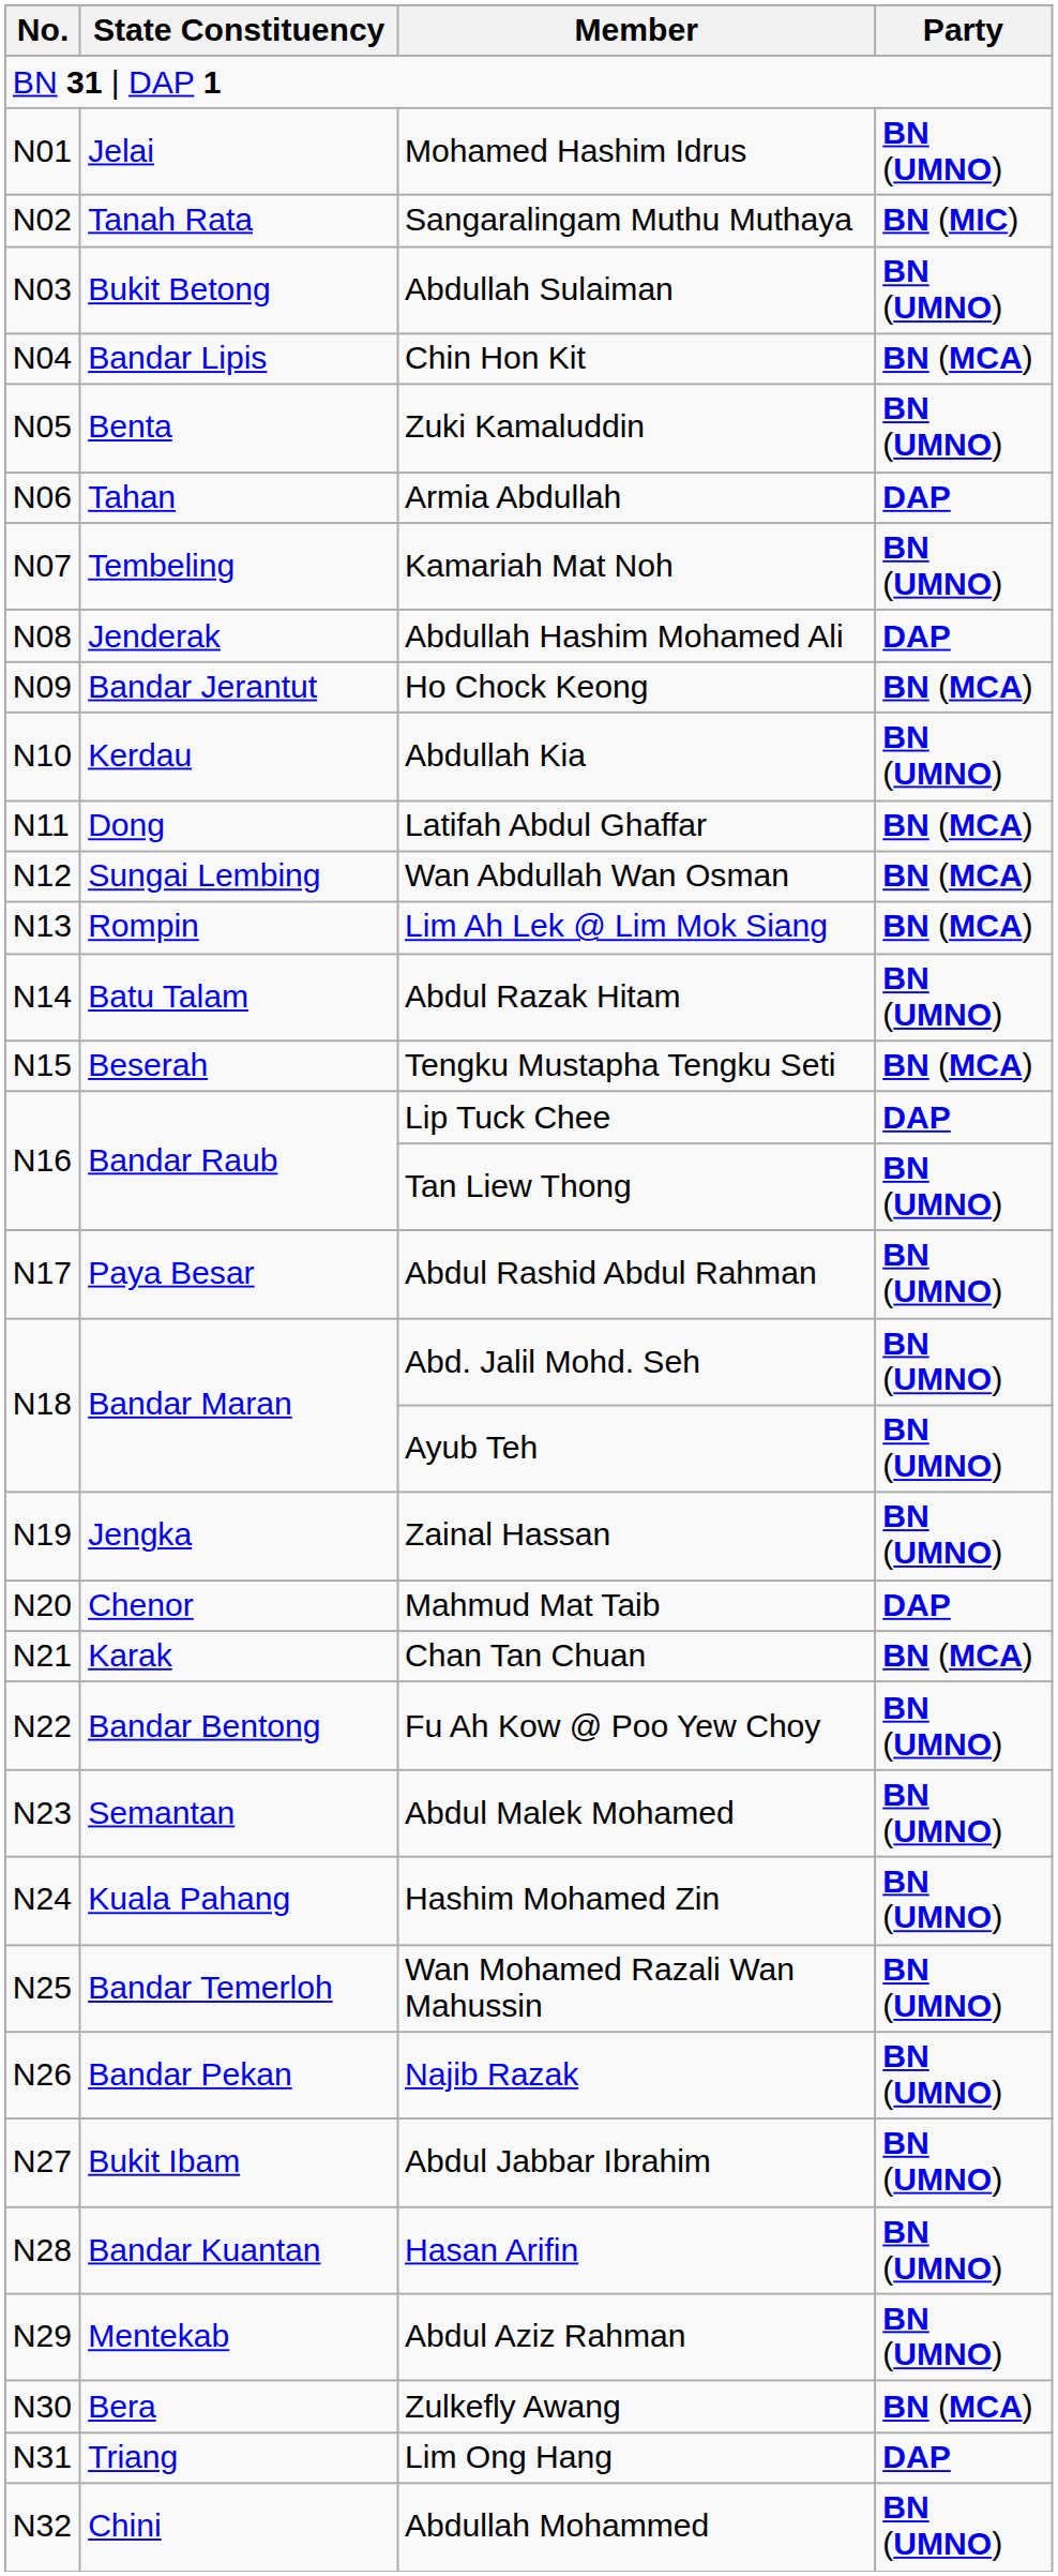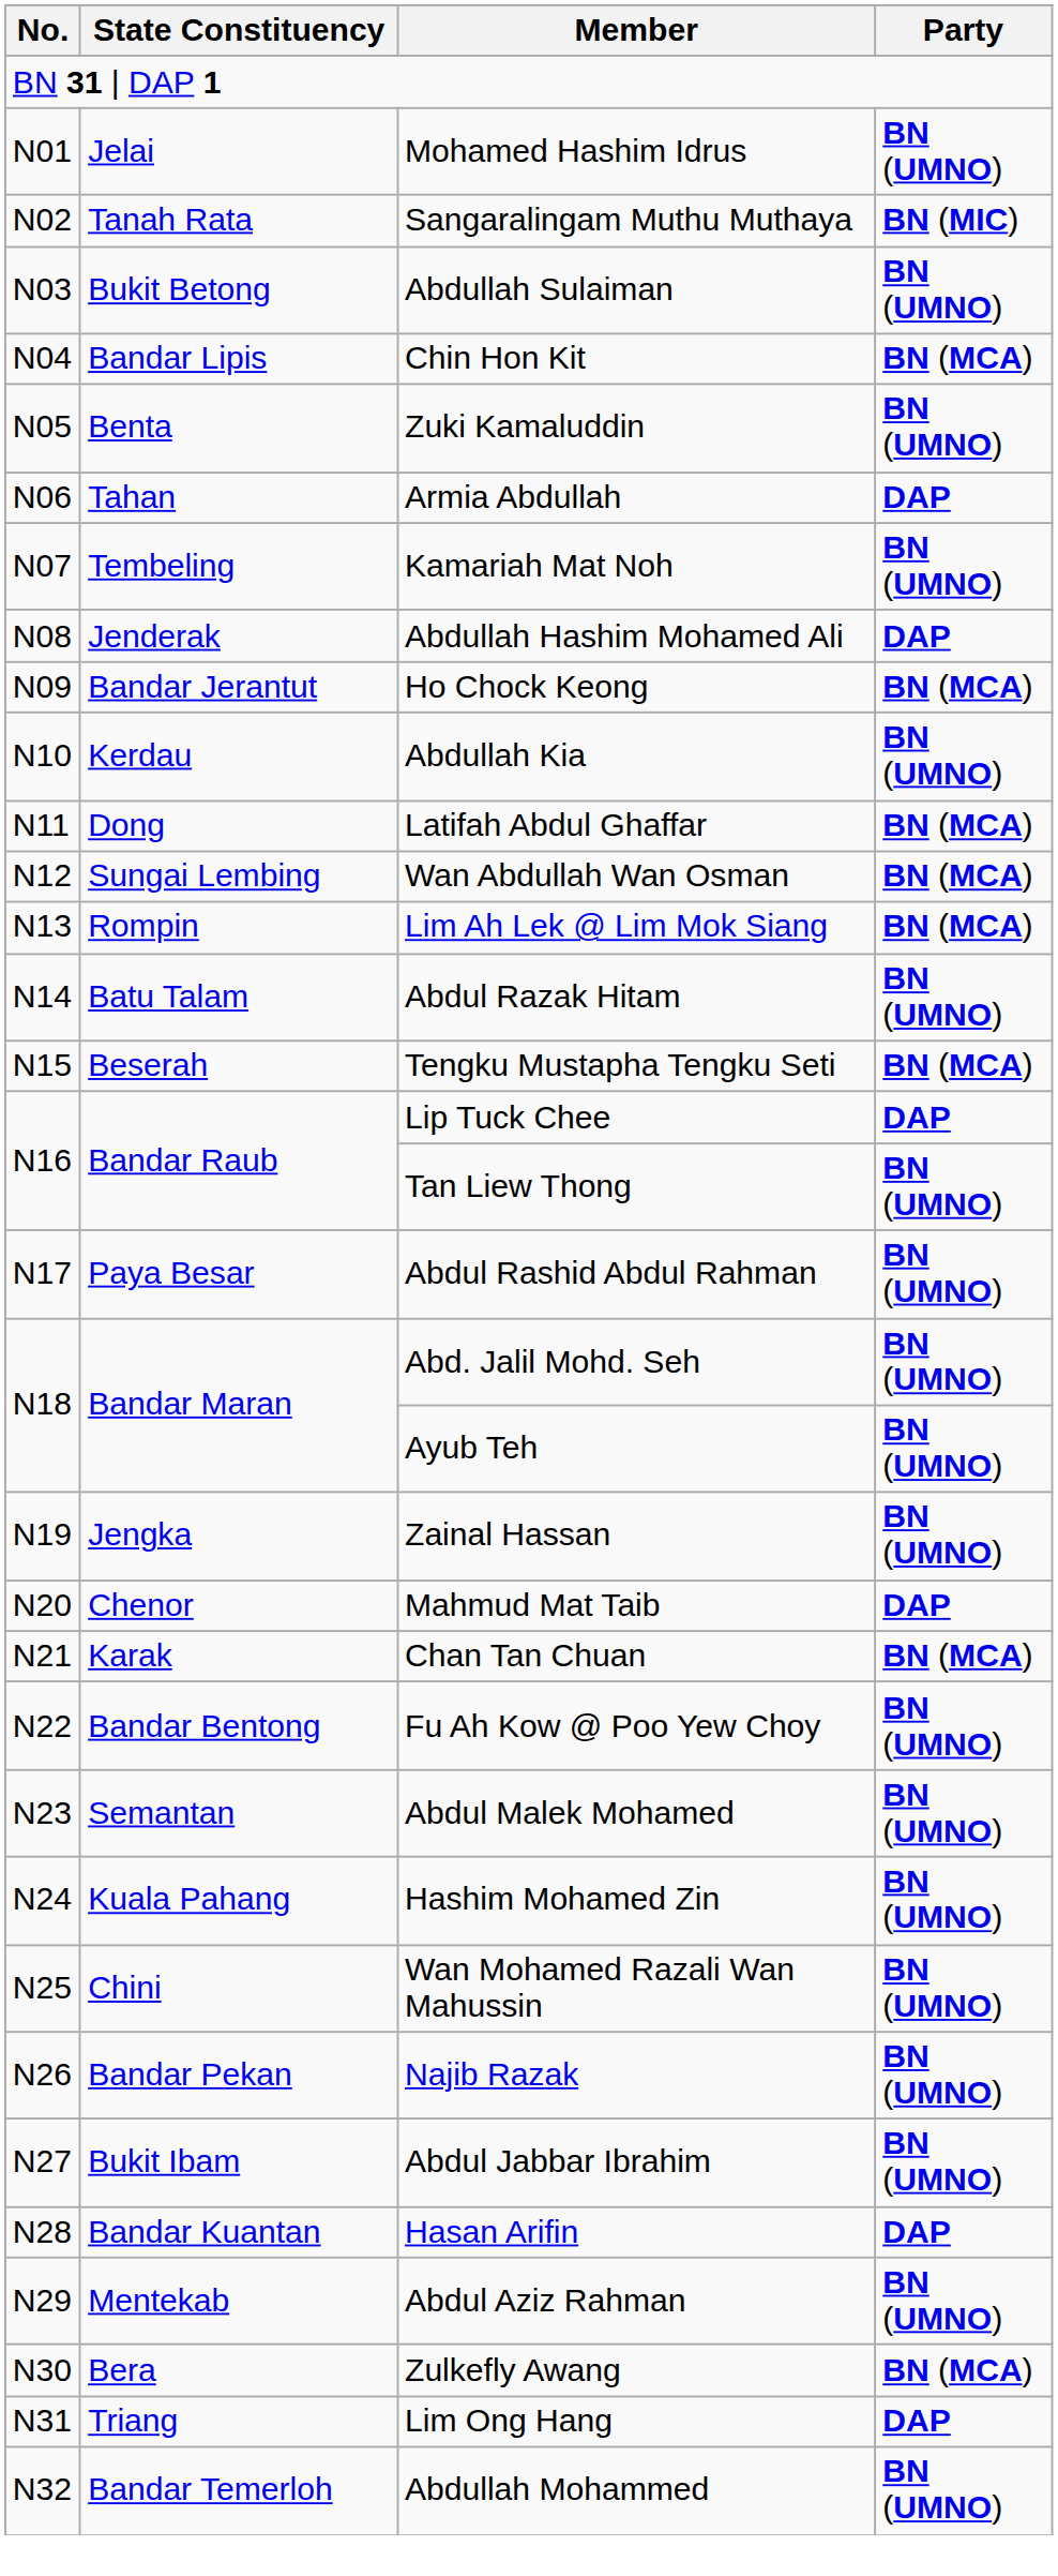 <table class="wikitable sortable">
 <tr>
 <th style="width:30px;">No.</th>
 <th style="width:150px;">State Constituency</th>
 <th style="width:230px;">Member</th>
 <th style="width:80px;">Party</th>
 </tr>
 <tr>
 <td colspan="4"><a href='#'>BN</a> <strong>31</strong> | <a href='#'>DAP</a> <strong>1</strong></td>
 </tr>
 <tr>
 <td>N01</td>
 <td><a href='#'>Jelai</a></td>
 <td>Mohamed Hashim Idrus</td>
 <td><strong><a href='#'>BN</a></strong> (<strong><a href='#'>UMNO</a></strong>)</td>
 </tr>
 <tr>
 <td>N02</td>
 <td><a href='#'>Tanah Rata</a></td>
 <td>Sangaralingam Muthu Muthaya</td>
 <td><strong><a href='#'>BN</a></strong> (<strong><a href='#'>MIC</a></strong>)</td>
 </tr>
 <tr>
 <td>N03</td>
 <td><a href='#'>Bukit Betong</a></td>
 <td>Abdullah Sulaiman</td>
 <td><strong><a href='#'>BN</a></strong> (<strong><a href='#'>UMNO</a></strong>)</td>
 </tr>
 <tr>
 <td>N04</td>
 <td><a href='#'>Bandar Lipis</a></td>
 <td>Chin Hon Kit</td>
 <td><strong><a href='#'>BN</a></strong> (<strong><a href='#'>MCA</a></strong>)</td>
 </tr>
 <tr>
 <td>N05</td>
 <td><a href='#'>Benta</a></td>
 <td>Zuki Kamaluddin</td>
 <td><strong><a href='#'>BN</a></strong> (<strong><a href='#'>UMNO</a></strong>)</td>
 </tr>
 <tr>
 <td>N06</td>
 <td><a href='#'>Tahan</a></td>
 <td>Armia Abdullah</td>
 <td><strong><a href='#'>DAP</a></strong></td>
 </tr>
 <tr>
 <td>N07</td>
 <td><a href='#'>Tembeling</a></td>
 <td>Kamariah Mat Noh</td>
 <td><strong><a href='#'>BN</a></strong> (<strong><a href='#'>UMNO</a></strong>)</td>
 </tr>
 <tr>
 <td>N08</td>
 <td><a href='#'>Jenderak</a></td>
 <td>Abdullah Hashim Mohamed Ali</td>
 <td><strong><a href='#'>DAP</a></strong></td>
 </tr>
 <tr>
 <td>N09</td>
 <td><a href='#'>Bandar Jerantut</a></td>
 <td>Ho Chock Keong</td>
 <td><strong><a href='#'>BN</a></strong> (<strong><a href='#'>MCA</a></strong>)</td>
 </tr>
 <tr>
 <td>N10</td>
 <td><a href='#'>Kerdau</a></td>
 <td>Abdullah Kia</td>
 <td><strong><a href='#'>BN</a></strong> (<strong><a href='#'>UMNO</a></strong>)</td>
 </tr>
 <tr>
 <td>N11</td>
 <td><a href='#'>Dong</a></td>
 <td>Latifah Abdul Ghaffar</td>
 <td><strong><a href='#'>BN</a></strong> (<strong><a href='#'>MCA</a></strong>)</td>
 </tr>
 <tr>
 <td>N12</td>
 <td><a href='#'>Sungai Lembing</a></td>
 <td>Wan Abdullah Wan Osman</td>
 <td><strong><a href='#'>BN</a></strong> (<strong><a href='#'>MCA</a></strong>)</td>
 </tr>
 <tr>
 <td>N13</td>
 <td><a href='#'>Rompin</a></td>
 <td><a href='#'>Lim Ah Lek @ Lim Mok Siang</a></td>
 <td><strong><a href='#'>BN</a></strong> (<strong><a href='#'>MCA</a></strong>)</td>
 </tr>
 <tr>
 <td>N14</td>
 <td><a href='#'>Batu Talam</a></td>
 <td>Abdul Razak Hitam</td>
 <td><strong><a href='#'>BN</a></strong> (<strong><a href='#'>UMNO</a></strong>)</td>
 </tr>
 <tr>
 <td>N15</td>
 <td><a href='#'>Beserah</a></td>
 <td>Tengku Mustapha Tengku Seti</td>
 <td><strong><a href='#'>BN</a></strong> (<strong><a href='#'>MCA</a></strong>)</td>
 </tr>
 <tr>
 <td rowspan=2>N16</td>
 <td rowspan=2><a href='#'>Bandar Raub</a></td>
 <td>Lip Tuck Chee </td>
 <td><strong><a href='#'>DAP</a></strong></td>
 </tr>
 <tr>
 <td>Tan Liew Thong </td>
 <td><strong><a href='#'>BN</a></strong> (<strong><a href='#'>UMNO</a></strong>)</td>
 </tr>
 <tr>
 <td>N17</td>
 <td><a href='#'>Paya Besar</a></td>
 <td>Abdul Rashid Abdul Rahman</td>
 <td><strong><a href='#'>BN</a></strong> (<strong><a href='#'>UMNO</a></strong>)</td>
 </tr>
 <tr>
 <td rowspan=2>N18</td>
 <td rowspan=2><a href='#'>Bandar Maran</a></td>
 <td>Abd. Jalil Mohd. Seh</td>
 <td><strong><a href='#'>BN</a></strong> (<strong><a href='#'>UMNO</a></strong>)</td>
 </tr>
 <tr>
 <td>Ayub Teh<br></td>
 <td><strong><a href='#'>BN</a></strong> (<strong><a href='#'>UMNO</a></strong>)</td>
 </tr>
 <tr>
 <td>N19</td>
 <td><a href='#'>Jengka</a></td>
 <td>Zainal Hassan</td>
 <td><strong><a href='#'>BN</a></strong> (<strong><a href='#'>UMNO</a></strong>)</td>
 </tr>
 <tr>
 <td>N20</td>
 <td><a href='#'>Chenor</a></td>
 <td>Mahmud Mat Taib</td>
 <td><strong><a href='#'>DAP</a></strong></td>
 </tr>
 <tr>
 <td>N21</td>
 <td><a href='#'>Karak</a></td>
 <td>Chan Tan Chuan</td>
 <td><strong><a href='#'>BN</a></strong> (<strong><a href='#'>MCA</a></strong>)</td>
 </tr>
 <tr>
 <td>N22</td>
 <td><a href='#'>Bandar Bentong</a></td>
 <td>Fu Ah Kow @ Poo Yew Choy</td>
 <td><strong><a href='#'>BN</a></strong> (<strong><a href='#'>UMNO</a></strong>)</td>
 </tr>
 <tr>
 <td>N23</td>
 <td><a href='#'>Semantan</a></td>
 <td>Abdul Malek Mohamed</td>
 <td><strong><a href='#'>BN</a></strong> (<strong><a href='#'>UMNO</a></strong>)</td>
 </tr>
 <tr>
 <td>N24</td>
 <td><a href='#'>Kuala Pahang</a></td>
 <td>Hashim Mohamed Zin</td>
 <td><strong><a href='#'>BN</a></strong> (<strong><a href='#'>UMNO</a></strong>)</td>
 </tr>
 <tr>
 <td>N25</td>
-<td><a href='#'>Bandar Temerloh</a></td>
+<td><a href='#'>Chini</a></td>
 <td>Wan Mohamed Razali Wan Mahussin</td>
 <td><strong><a href='#'>BN</a></strong> (<strong><a href='#'>UMNO</a></strong>)</td>
 </tr>
 <tr>
 <td>N26</td>
 <td><a href='#'>Bandar Pekan</a></td>
 <td><a href='#'>Najib Razak</a></td>
 <td><strong><a href='#'>BN</a></strong> (<strong><a href='#'>UMNO</a></strong>)</td>
 </tr>
 <tr>
 <td>N27</td>
 <td><a href='#'>Bukit Ibam</a></td>
 <td>Abdul Jabbar Ibrahim</td>
 <td><strong><a href='#'>BN</a></strong> (<strong><a href='#'>UMNO</a></strong>)</td>
 </tr>
 <tr>
 <td>N28</td>
 <td><a href='#'>Bandar Kuantan</a></td>
 <td><a href='#'>Hasan Arifin</a></td>
-<td><strong><a href='#'>BN</a></strong> (<strong><a href='#'>UMNO</a></strong>)</td>
+<td><strong><a href='#'>DAP</a></strong></td>
 </tr>
 <tr>
 <td>N29</td>
 <td><a href='#'>Mentekab</a></td>
 <td>Abdul Aziz Rahman</td>
 <td><strong><a href='#'>BN</a></strong> (<strong><a href='#'>UMNO</a></strong>)</td>
 </tr>
 <tr>
 <td>N30</td>
 <td><a href='#'>Bera</a></td>
 <td>Zulkefly Awang</td>
 <td><strong><a href='#'>BN</a></strong> (<strong><a href='#'>MCA</a></strong>)</td>
 </tr>
 <tr>
 <td>N31</td>
 <td><a href='#'>Triang</a></td>
 <td>Lim Ong Hang</td>
 <td><strong><a href='#'>DAP</a></strong></td>
 </tr>
 <tr>
 <td>N32</td>
-<td><a href='#'>Chini</a></td>
+<td><a href='#'>Bandar Temerloh</a></td>
 <td>Abdullah Mohammed</td>
 <td><strong><a href='#'>BN</a></strong> (<strong><a href='#'>UMNO</a></strong>)</td>
 </tr>
 </table>
